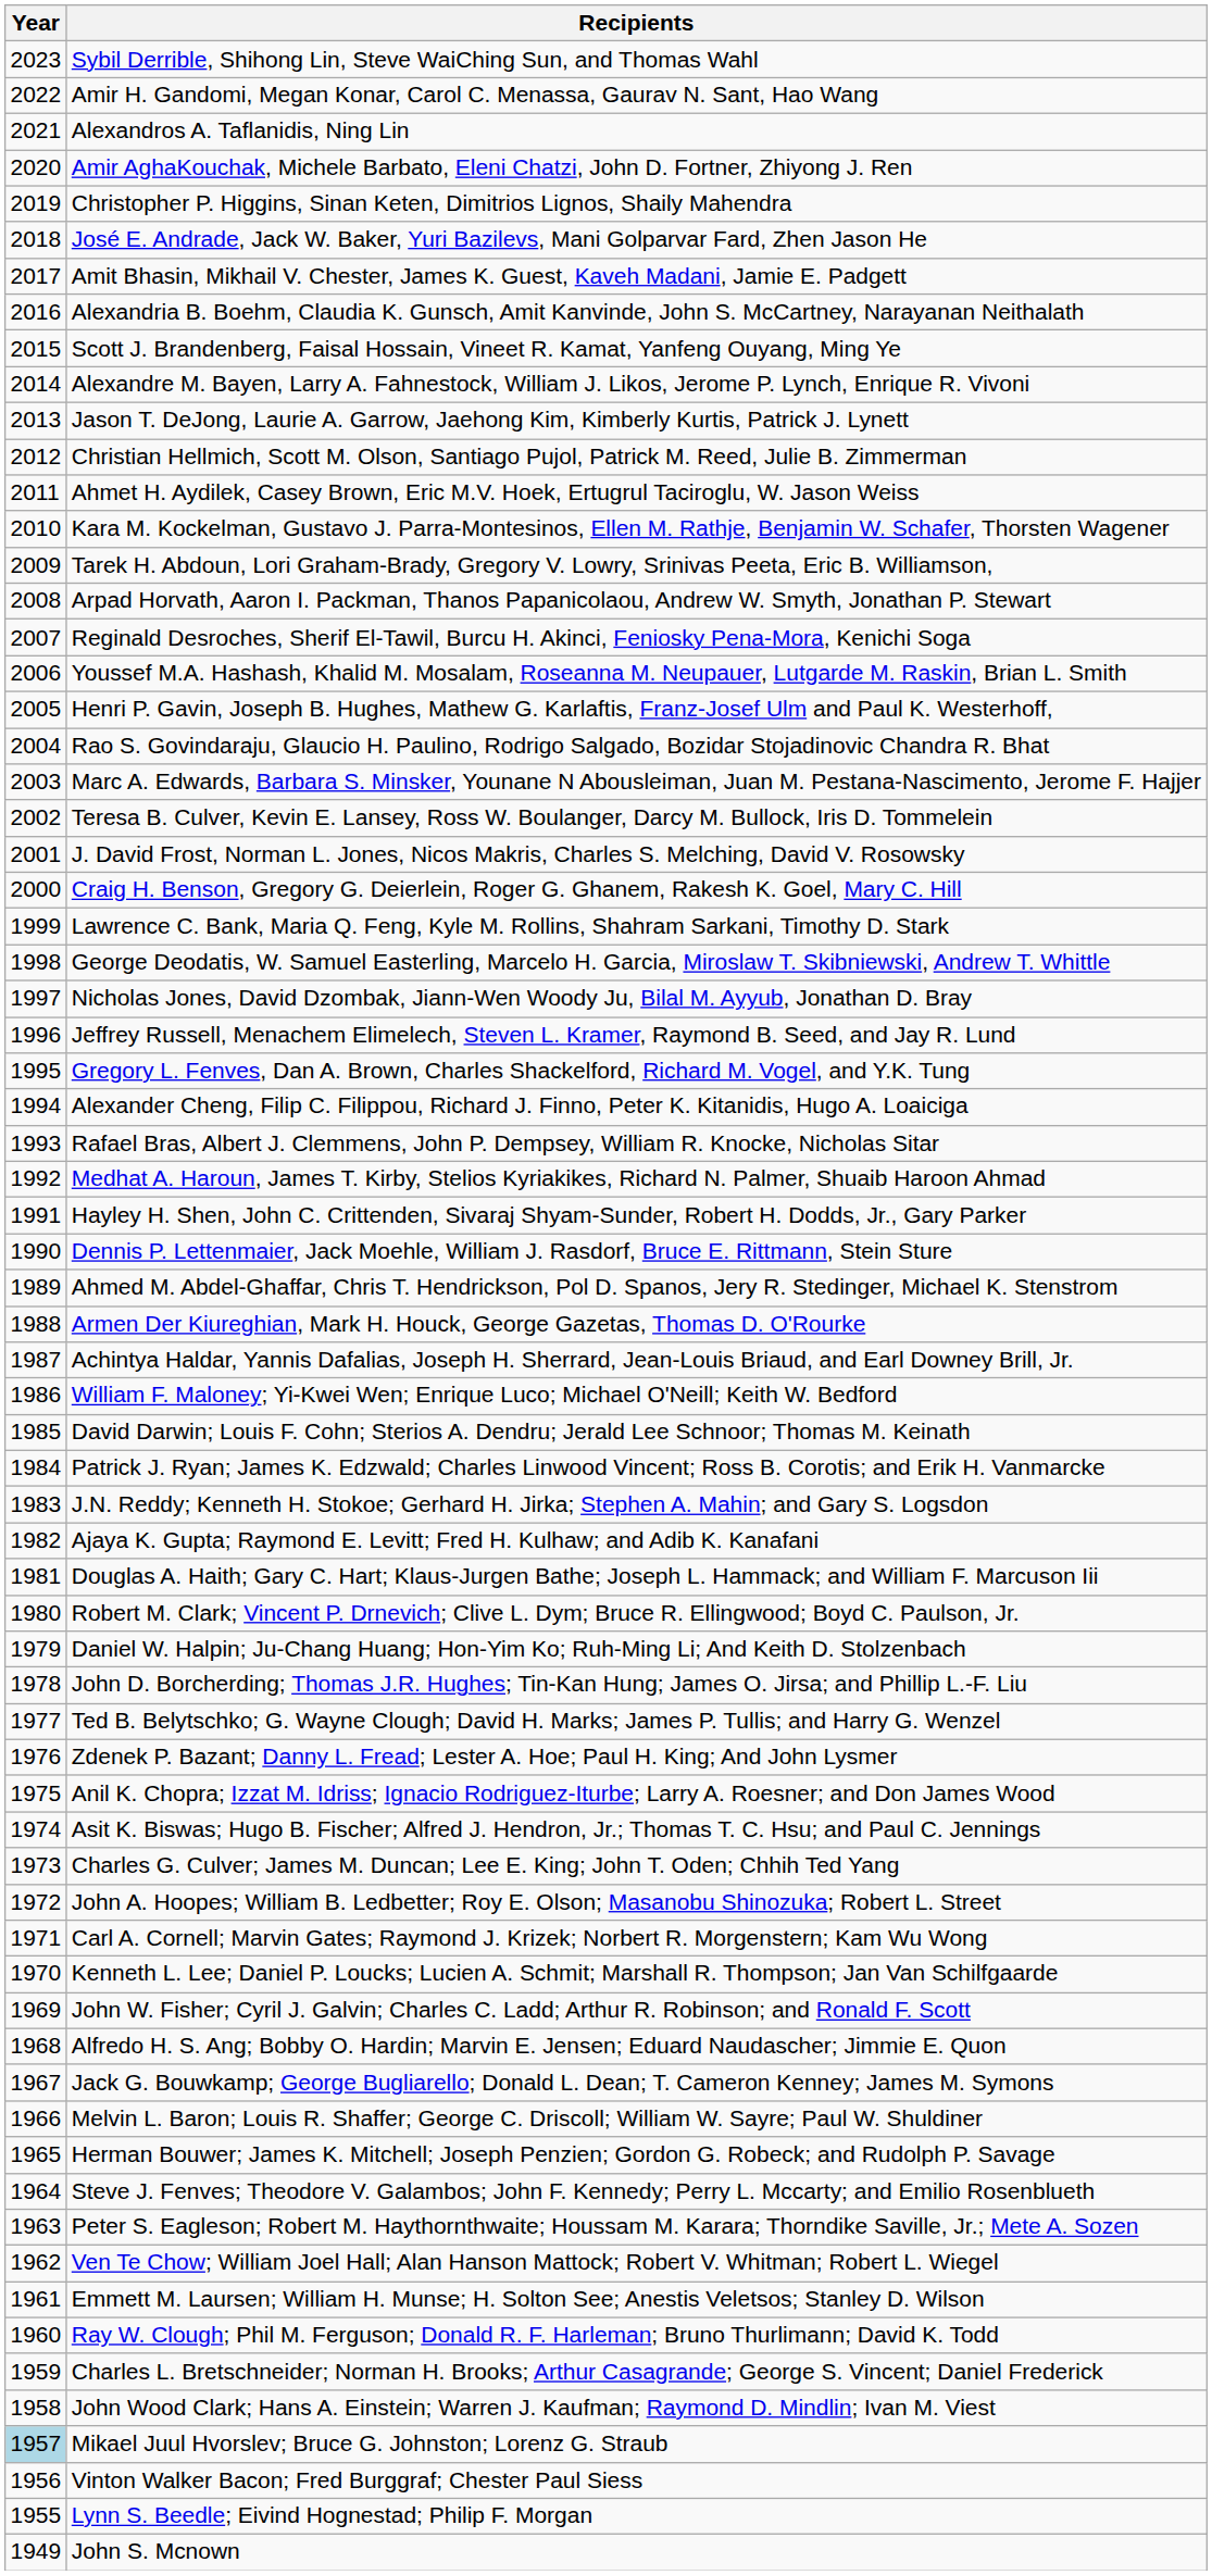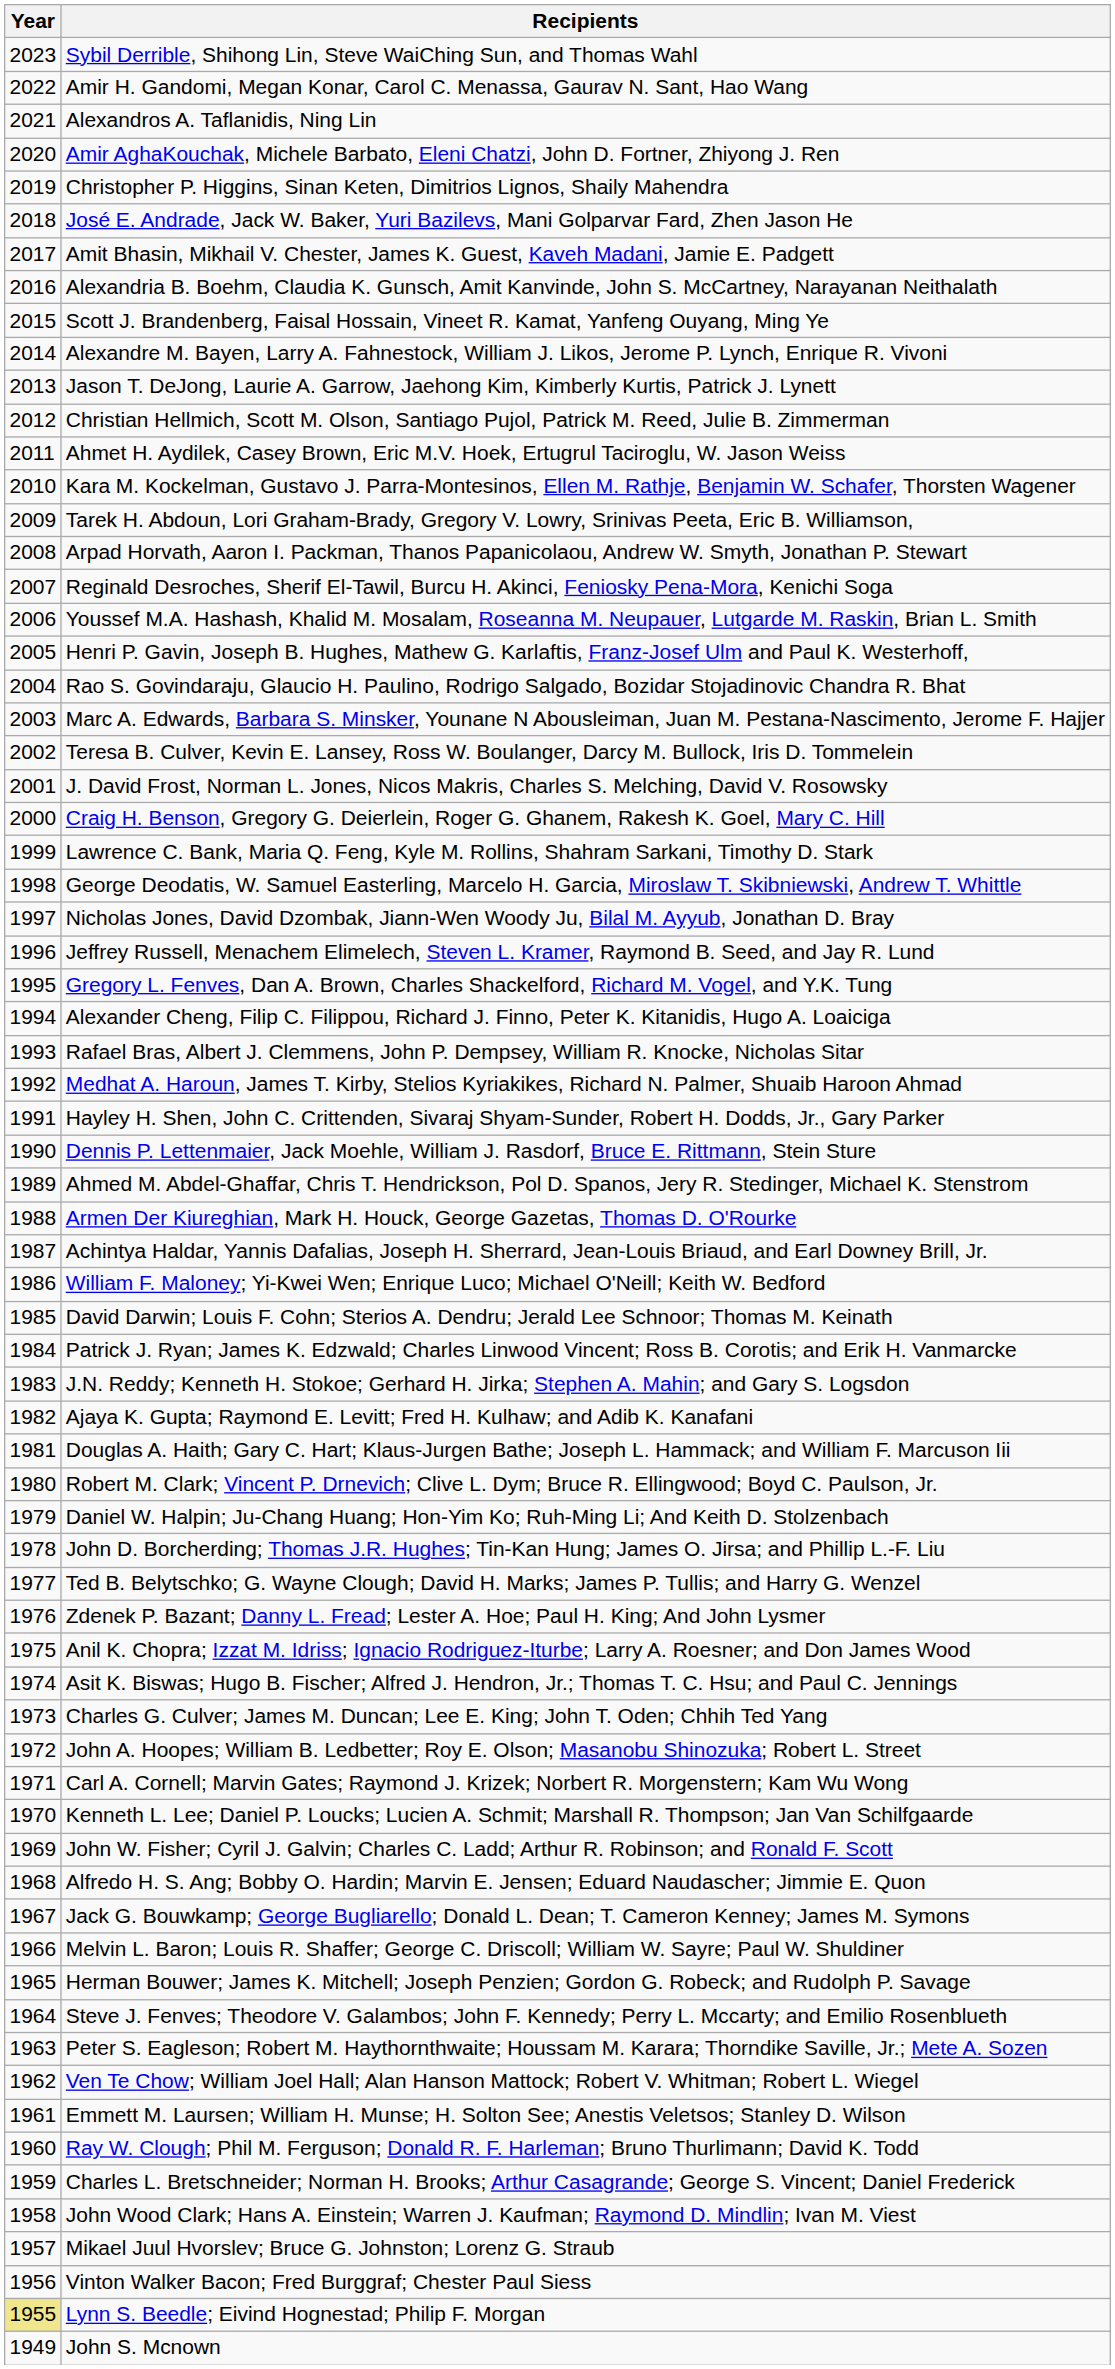 <table class="wikitable">
 <tr>
 <th>Year</th>
 <th>Recipients</th>
 </tr>
 <tr>
 <td>2023</td>
 <td><a href='#'>Sybil Derrible</a>, Shihong Lin, Steve WaiChing Sun, and Thomas Wahl</td>
 </tr>
 <tr>
 <td>2022</td>
 <td>Amir H. Gandomi, Megan Konar, Carol C. Menassa, Gaurav N. Sant, Hao Wang</td>
 </tr>
 <tr>
 <td>2021</td>
 <td>Alexandros A. Taflanidis, Ning Lin</td>
 </tr>
 <tr>
 <td>2020</td>
 <td><a href='#'>Amir AghaKouchak</a>, Michele Barbato, <a href='#'>Eleni Chatzi</a>, John D. Fortner, Zhiyong J. Ren</td>
 </tr>
 <tr>
 <td>2019</td>
 <td>Christopher P. Higgins, Sinan Keten, Dimitrios Lignos, Shaily Mahendra</td>
 </tr>
 <tr>
 <td>2018</td>
 <td><a href='#'>José E. Andrade</a>, Jack W. Baker, <a href='#'>Yuri Bazilevs</a>, Mani Golparvar Fard, Zhen Jason He</td>
 </tr>
 <tr>
 <td>2017</td>
 <td>Amit Bhasin, Mikhail V. Chester, James K. Guest, <a href='#'>Kaveh Madani</a>, Jamie E. Padgett </td>
 </tr>
 <tr>
 <td>2016</td>
 <td>Alexandria B. Boehm, Claudia K. Gunsch, Amit Kanvinde, John S. McCartney, Narayanan Neithalath</td>
 </tr>
 <tr>
 <td>2015</td>
 <td>Scott J. Brandenberg, Faisal Hossain, Vineet R. Kamat, Yanfeng Ouyang, Ming Ye</td>
 </tr>
 <tr>
 <td>2014</td>
 <td>Alexandre M. Bayen, Larry A. Fahnestock, William J. Likos, Jerome P. Lynch, Enrique R. Vivoni</td>
 </tr>
 <tr>
 <td>2013</td>
 <td>Jason T. DeJong, Laurie A. Garrow, Jaehong Kim, Kimberly Kurtis, Patrick J. Lynett</td>
 </tr>
 <tr>
 <td>2012</td>
 <td>Christian Hellmich, Scott M. Olson, Santiago Pujol, Patrick M. Reed, Julie B. Zimmerman</td>
 </tr>
 <tr>
 <td>2011</td>
 <td>Ahmet H. Aydilek, Casey Brown, Eric M.V. Hoek, Ertugrul Taciroglu, W. Jason Weiss</td>
 </tr>
 <tr>
 <td>2010</td>
 <td>Kara M. Kockelman,  Gustavo J. Parra-Montesinos, <a href='#'>Ellen M. Rathje</a>,  <a href='#'>Benjamin W. Schafer</a>,  Thorsten Wagener</td>
 </tr>
 <tr>
 <td>2009</td>
 <td>Tarek H. Abdoun,  Lori Graham-Brady,  Gregory V. Lowry,  Srinivas Peeta, Eric B. Williamson,</td>
 </tr>
 <tr>
 <td>2008</td>
 <td>Arpad Horvath,  Aaron I. Packman,  Thanos Papanicolaou, Andrew W. Smyth, Jonathan P. Stewart</td>
 </tr>
 <tr>
 <td>2007</td>
 <td>Reginald Desroches,  Sherif El-Tawil, Burcu H. Akinci,  <a href='#'>Feniosky Pena-Mora</a>, Kenichi Soga</td>
 </tr>
 <tr>
 <td>2006</td>
 <td>Youssef M.A. Hashash,  Khalid M. Mosalam,  <a href='#'>Roseanna M. Neupauer</a>,  <a href='#'>Lutgarde M. Raskin</a>, Brian L. Smith</td>
 </tr>
 <tr>
 <td>2005</td>
 <td>Henri P. Gavin, Joseph B. Hughes, Mathew G. Karlaftis, <a href='#'>Franz-Josef Ulm</a> and Paul K. Westerhoff,</td>
 </tr>
 <tr>
 <td>2004</td>
 <td>Rao S. Govindaraju, Glaucio H. Paulino, Rodrigo Salgado, Bozidar Stojadinovic Chandra R. Bhat</td>
 </tr>
 <tr>
 <td>2003</td>
 <td>Marc A. Edwards, <a href='#'>Barbara S. Minsker</a>, Younane N  Abousleiman, Juan M. Pestana-Nascimento, Jerome F. Hajjer</td>
 </tr>
 <tr>
 <td>2002</td>
 <td>Teresa B. Culver, Kevin E. Lansey, Ross W. Boulanger, Darcy M. Bullock, Iris D. Tommelein</td>
 </tr>
 <tr>
 <td>2001</td>
 <td>J. David Frost, Norman L. Jones, Nicos Makris, Charles S. Melching, David V. Rosowsky</td>
 </tr>
 <tr>
 <td>2000</td>
 <td><a href='#'>Craig H. Benson</a>, Gregory G. Deierlein, Roger G. Ghanem, Rakesh K. Goel, <a href='#'>Mary C. Hill</a></td>
 </tr>
 <tr>
 <td>1999</td>
 <td>Lawrence C. Bank, Maria Q. Feng, Kyle M. Rollins, Shahram Sarkani, Timothy D. Stark</td>
 </tr>
 <tr>
 <td>1998</td>
 <td>George Deodatis, W. Samuel Easterling, Marcelo H. Garcia, <a href='#'>Miroslaw T. Skibniewski</a>, <a href='#'>Andrew T. Whittle</a></td>
 </tr>
 <tr>
 <td>1997</td>
 <td>Nicholas Jones, David Dzombak, Jiann-Wen Woody Ju, <a href='#'>Bilal M. Ayyub</a>, Jonathan D. Bray</td>
 </tr>
 <tr>
 <td>1996</td>
 <td>Jeffrey Russell, Menachem Elimelech, <a href='#'>Steven L. Kramer</a>, Raymond B. Seed, and Jay R. Lund</td>
 </tr>
 <tr>
 <td>1995</td>
 <td><a href='#'>Gregory L. Fenves</a>, Dan A. Brown, Charles Shackelford, <a href='#'>Richard M. Vogel</a>, and Y.K. Tung</td>
 </tr>
 <tr>
 <td>1994</td>
 <td>Alexander Cheng, Filip C. Filippou, Richard J. Finno, Peter K. Kitanidis, Hugo A. Loaiciga</td>
 </tr>
 <tr>
 <td>1993</td>
 <td>Rafael Bras, Albert J. Clemmens, John P. Dempsey, William R. Knocke, Nicholas Sitar</td>
 </tr>
 <tr>
 <td>1992</td>
 <td><a href='#'>Medhat A. Haroun</a>, James T. Kirby, Stelios Kyriakikes, Richard N. Palmer, Shuaib Haroon Ahmad</td>
 </tr>
 <tr>
 <td>1991</td>
 <td>Hayley H. Shen, John C. Crittenden, Sivaraj Shyam-Sunder, Robert H. Dodds, Jr., Gary Parker</td>
 </tr>
 <tr>
 <td>1990</td>
 <td><a href='#'>Dennis P. Lettenmaier</a>, Jack Moehle, William J. Rasdorf, <a href='#'>Bruce E. Rittmann</a>, Stein Sture</td>
 </tr>
 <tr>
 <td>1989</td>
 <td>Ahmed M. Abdel-Ghaffar, Chris T. Hendrickson, Pol D. Spanos, Jery R. Stedinger, Michael K. Stenstrom</td>
 </tr>
 <tr>
 <td>1988</td>
 <td><a href='#'>Armen Der Kiureghian</a>, Mark H. Houck, George Gazetas, <a href='#'>Thomas D. O'Rourke</a></td>
 </tr>
 <tr>
 <td>1987</td>
 <td>Achintya Haldar, Yannis Dafalias, Joseph H. Sherrard, Jean-Louis Briaud, and Earl Downey Brill, Jr.</td>
 </tr>
 <tr>
 <td>1986</td>
 <td><a href='#'>William F. Maloney</a>; Yi-Kwei Wen; Enrique Luco; Michael O'Neill; Keith W. Bedford</td>
 </tr>
 <tr>
 <td>1985</td>
 <td>David Darwin; Louis F. Cohn; Sterios A. Dendru; Jerald Lee Schnoor; Thomas M. Keinath</td>
 </tr>
 <tr>
 <td>1984</td>
 <td>Patrick J. Ryan; James K. Edzwald; Charles Linwood Vincent; Ross B. Corotis; and Erik H. Vanmarcke</td>
 </tr>
 <tr>
 <td>1983</td>
 <td>J.N. Reddy; Kenneth H. Stokoe; Gerhard H. Jirka; <a href='#'>Stephen A. Mahin</a>; and Gary S. Logsdon</td>
 </tr>
 <tr>
 <td>1982</td>
 <td>Ajaya K. Gupta; Raymond E. Levitt; Fred H. Kulhaw; and Adib K. Kanafani</td>
 </tr>
 <tr>
 <td>1981</td>
 <td>Douglas A. Haith; Gary C. Hart; Klaus-Jurgen Bathe; Joseph L. Hammack; and William F. Marcuson Iii</td>
 </tr>
 <tr>
 <td>1980</td>
 <td>Robert M. Clark; <a href='#'>Vincent P. Drnevich</a>; Clive L. Dym; Bruce R. Ellingwood; Boyd C. Paulson, Jr.</td>
 </tr>
 <tr>
 <td>1979</td>
 <td>Daniel W. Halpin; Ju-Chang Huang; Hon-Yim Ko; Ruh-Ming Li; And Keith D. Stolzenbach</td>
 </tr>
 <tr>
 <td>1978</td>
 <td>John D. Borcherding; <a href='#'>Thomas J.R. Hughes</a>; Tin-Kan Hung; James O. Jirsa; and Phillip L.-F. Liu</td>
 </tr>
 <tr>
 <td>1977</td>
 <td>Ted B. Belytschko; G. Wayne Clough; David H. Marks; James P. Tullis; and Harry G. Wenzel</td>
 </tr>
 <tr>
 <td>1976</td>
 <td>Zdenek P. Bazant; <a href='#'>Danny L. Fread</a>; Lester A. Hoe; Paul H. King; And John Lysmer</td>
 </tr>
 <tr>
 <td>1975</td>
 <td>Anil K. Chopra; <a href='#'>Izzat M. Idriss</a>; <a href='#'>Ignacio Rodriguez-Iturbe</a>; Larry A. Roesner; and Don James Wood</td>
 </tr>
 <tr>
 <td>1974</td>
 <td>Asit K. Biswas; Hugo B. Fischer; Alfred J. Hendron, Jr.; Thomas T. C. Hsu; and Paul C. Jennings</td>
 </tr>
 <tr>
 <td>1973</td>
 <td>Charles G. Culver; James M. Duncan; Lee E. King; John T. Oden; Chhih Ted Yang</td>
 </tr>
 <tr>
 <td>1972</td>
 <td>John A. Hoopes; William B. Ledbetter; Roy E. Olson; <a href='#'>Masanobu Shinozuka</a>; Robert L. Street</td>
 </tr>
 <tr>
 <td>1971</td>
 <td>Carl A. Cornell; Marvin Gates; Raymond J. Krizek; Norbert R. Morgenstern; Kam Wu Wong</td>
 </tr>
 <tr>
 <td>1970</td>
 <td>Kenneth L. Lee; Daniel P. Loucks; Lucien A. Schmit; Marshall R. Thompson; Jan Van Schilfgaarde</td>
 </tr>
 <tr>
 <td>1969</td>
 <td>John W. Fisher; Cyril J. Galvin; Charles C. Ladd; Arthur R. Robinson; and <a href='#'>Ronald F. Scott</a></td>
 </tr>
 <tr>
 <td>1968</td>
 <td>Alfredo H. S. Ang; Bobby O. Hardin; Marvin E. Jensen; Eduard Naudascher; Jimmie E. Quon</td>
 </tr>
 <tr>
 <td>1967</td>
 <td>Jack G. Bouwkamp; <a href='#'>George Bugliarello</a>; Donald L. Dean; T. Cameron Kenney; James M. Symons</td>
 </tr>
 <tr>
 <td>1966</td>
 <td>Melvin L. Baron; Louis R. Shaffer; George C. Driscoll; William W. Sayre; Paul W. Shuldiner</td>
 </tr>
 <tr>
 <td>1965</td>
 <td>Herman Bouwer; James K. Mitchell; Joseph Penzien; Gordon G. Robeck; and Rudolph P. Savage</td>
 </tr>
 <tr>
 <td>1964</td>
 <td>Steve J. Fenves; Theodore V. Galambos; John F. Kennedy; Perry L. Mccarty; and Emilio Rosenblueth</td>
 </tr>
 <tr>
 <td>1963</td>
 <td>Peter S. Eagleson; Robert M. Haythornthwaite; Houssam M. Karara; Thorndike Saville, Jr.; <a href='#'>Mete A. Sozen</a></td>
 </tr>
 <tr>
 <td>1962</td>
 <td><a href='#'>Ven Te Chow</a>; William Joel Hall; Alan Hanson Mattock; Robert V. Whitman; Robert L. Wiegel</td>
 </tr>
 <tr>
 <td>1961</td>
 <td>Emmett M. Laursen; William H. Munse; H. Solton See; Anestis Veletsos; Stanley D. Wilson</td>
 </tr>
 <tr>
 <td>1960</td>
 <td><a href='#'>Ray W. Clough</a>; Phil M. Ferguson; <a href='#'>Donald R. F. Harleman</a>; Bruno Thurlimann; David K. Todd</td>
 </tr>
 <tr>
 <td>1959</td>
 <td>Charles L. Bretschneider; Norman H. Brooks; <a href='#'>Arthur Casagrande</a>; George S. Vincent; Daniel Frederick</td>
 </tr>
 <tr>
 <td>1958</td>
 <td>John Wood Clark; Hans A. Einstein; Warren J. Kaufman; <a href='#'>Raymond D. Mindlin</a>; Ivan M. Viest</td>
 </tr>
 <tr>
-<td style="background: lightblue;">1957</td>
+<td>1957</td>
 <td>Mikael Juul Hvorslev; Bruce G. Johnston; Lorenz G. Straub</td>
 </tr>
 <tr>
 <td>1956</td>
 <td>Vinton Walker Bacon; Fred Burggraf; Chester Paul Siess</td>
 </tr>
 <tr>
-<td>1955</td>
+<td style="background: khaki;">1955</td>
 <td><a href='#'>Lynn S. Beedle</a>; Eivind Hognestad; Philip F. Morgan</td>
 </tr>
 <tr>
 <td>1949</td>
 <td>John S. Mcnown</td>
 </tr>
 </table>
